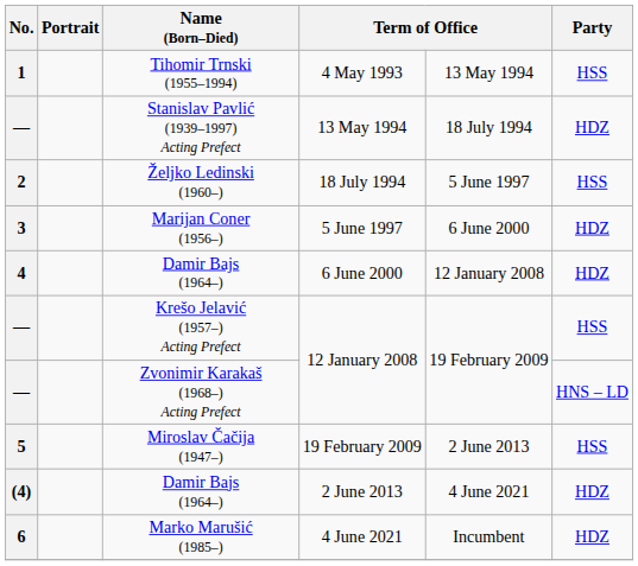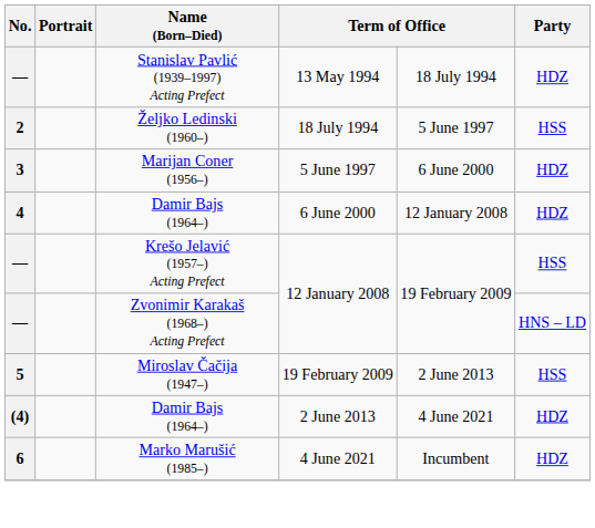 <table class="wikitable" style="text-align:center">
 <tr ->
 <th>No.</th>
 <th>Portrait</th>
 <th width=180>Name<br><small>(Born–Died)</small></th>
 <th colspan=2>Term of Office</th>
 <th>Party</th>
-</tr>
-<tr ->
-<th style="background:">1</th>
-<td></td>
-<td><a href='#'>Tihomir Trnski</a><br><small>(1955–1994)</small></td>
-<td>4 May 1993</td>
-<td>13 May 1994</td>
-<td><a href='#'>HSS</a></td>
 </tr>
 <tr ->
 <th style="background:">—</th>
 <td></td>
 <td><a href='#'>Stanislav Pavlić</a><br><small>(1939–1997)</small><br><small><em>Acting Prefect</em></small></td>
 <td>13 May 1994</td>
 <td>18 July 1994</td>
 <td><a href='#'>HDZ</a></td>
 </tr>
 <tr ->
 <th style="background:">2</th>
 <td></td>
 <td><a href='#'>Željko Ledinski</a><br><small>(1960–)</small></td>
 <td>18 July 1994</td>
 <td>5 June 1997</td>
 <td><a href='#'>HSS</a></td>
 </tr>
 <tr ->
 <th style="background:">3</th>
 <td></td>
 <td><a href='#'>Marijan Coner</a><br><small>(1956–)</small></td>
 <td>5 June 1997</td>
 <td>6 June 2000</td>
 <td><a href='#'>HDZ</a></td>
 </tr>
 <tr ->
 <th style="background:">4</th>
 <td></td>
 <td><a href='#'>Damir Bajs</a><br><small>(1964–)</small></td>
 <td>6 June 2000</td>
 <td>12 January 2008</td>
 <td><a href='#'>HDZ</a></td>
 </tr>
 <tr ->
 <th style="background:">—</th>
 <td></td>
 <td><a href='#'>Krešo Jelavić</a><br><small>(1957–)</small><br><small><em>Acting Prefect</em></small></td>
 <td rowspan="2">12 January 2008</td>
 <td rowspan="2">19 February 2009</td>
 <td><a href='#'>HSS</a></td>
 </tr>
 <tr ->
 <th style="background:">—</th>
 <td></td>
 <td><a href='#'>Zvonimir Karakaš</a><br><small>(1968–)</small><br><small><em>Acting Prefect</em></small></td>
 <td><a href='#'>HNS – LD</a></td>
 </tr>
 <tr ->
 <th style="background:">5</th>
 <td></td>
 <td><a href='#'>Miroslav Čačija</a><br><small>(1947–)</small></td>
 <td>19 February 2009</td>
 <td>2 June 2013</td>
 <td><a href='#'>HSS</a></td>
 </tr>
 <tr ->
 <th style="background:">(4)</th>
 <td></td>
 <td><a href='#'>Damir Bajs</a><br><small>(1964–)</small></td>
 <td>2 June 2013</td>
 <td>4 June 2021</td>
 <td><a href='#'>HDZ</a></td>
 </tr>
 <tr ->
 <th style="background:">6</th>
 <td></td>
 <td><a href='#'>Marko Marušić</a><br><small>(1985–)</small></td>
 <td>4 June 2021</td>
 <td>Incumbent</td>
 <td><a href='#'>HDZ</a></td>
 </tr>
 <tr ->
 </tr>
 </table>
